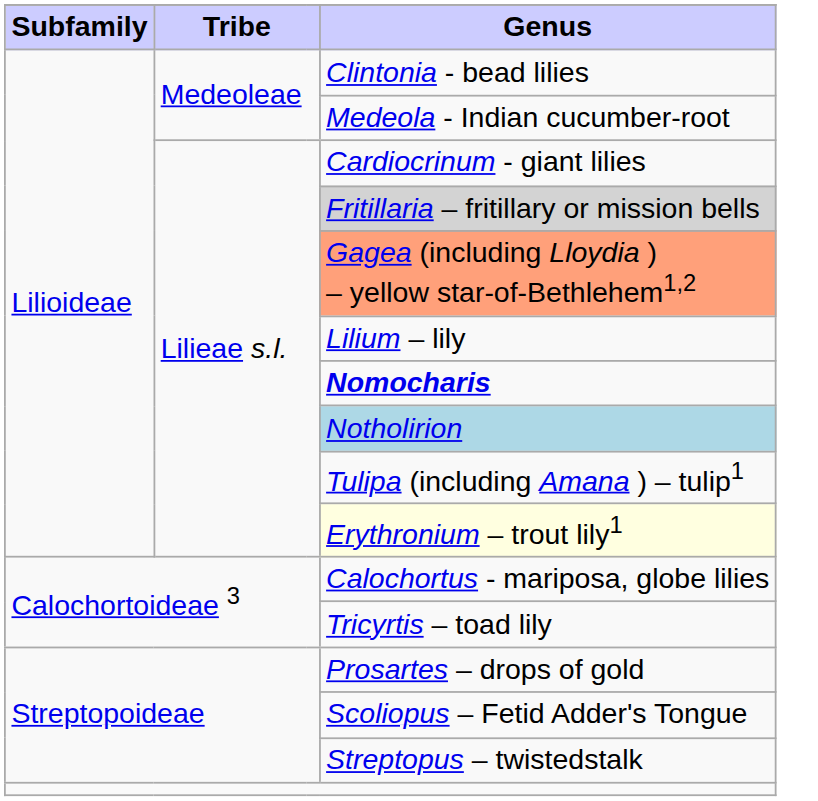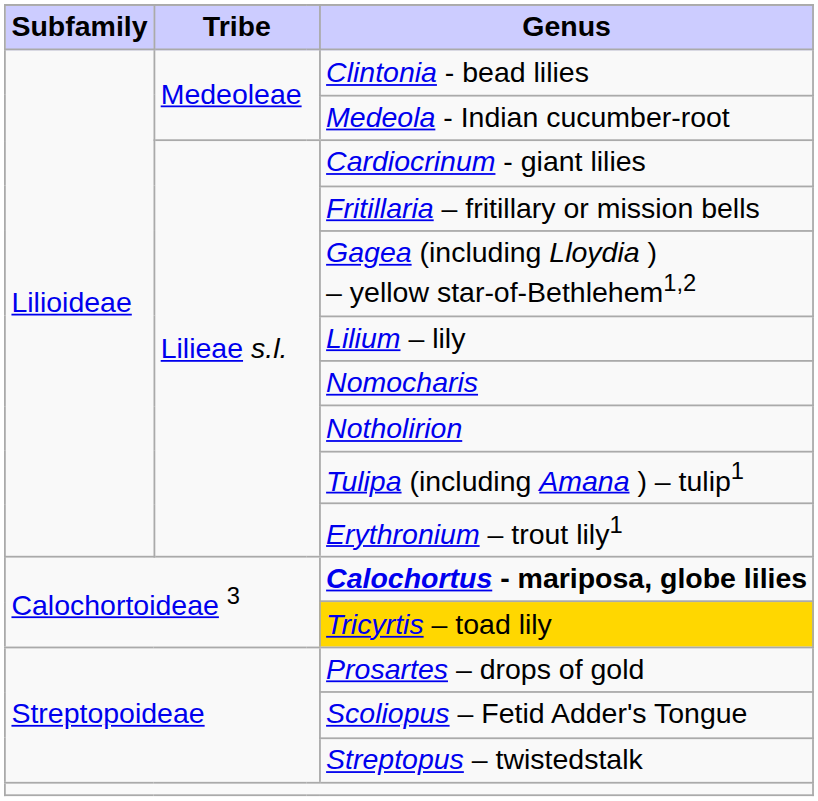 <table class="wikitable" border="1">
 <tr align="center">
 </tr>
 <tr>
 <th style="background: #ccf;">Subfamily</th>
 <th style="background: #ccf;" colspan=2>Tribe</th>
 <th ! style="background: #ccf;">Genus</th>
 </tr>
 <tr>
 <td rowspan=10><a href='#'>Lilioideae</a> </td>
 <td rowspan=2 style="border-style: solid none solid none;"><a href='#'>Medeoleae</a> </td>
 <td rowspan=2 style="border-style: solid none solid none;"></td>
 <td><em><a href='#'>Clintonia</a></em>  - bead lilies</td>
 </tr>
 <tr>
 <td><em><a href='#'>Medeola</a></em>  - Indian cucumber-root</td>
 </tr>
 <tr>
 <td rowspan=8 style="border-style: solid none solid none;"><a href='#'>Lilieae</a> <em>s.l.</em> </td>
 <td rowspan=8 style="border-style: solid none solid none;"><br><br></td>
 <td><em><a href='#'>Cardiocrinum</a></em>  - giant lilies</td>
 </tr>
 <tr>
-<td style="background: lightgrey;"><em><a href='#'>Fritillaria</a></em>  – fritillary or mission bells</td>
+<td><em><a href='#'>Fritillaria</a></em>  – fritillary or mission bells</td>
 </tr>
 <tr>
-<td style="background: lightsalmon;"><em><a href='#'>Gagea</a></em>  (including <em>Lloydia</em> )<br> – yellow star-of-Bethlehem<sup>1,2</sup></td>
+<td><em><a href='#'>Gagea</a></em>  (including <em>Lloydia</em> )<br> – yellow star-of-Bethlehem<sup>1,2</sup></td>
 </tr>
 <tr>
 <td><em><a href='#'>Lilium</a></em>  – lily</td>
 </tr>
 <tr>
-<td><strong><em><a href='#'>Nomocharis</a></em> </strong></td>
+<td><em><a href='#'>Nomocharis</a></em> </td>
 </tr>
 <tr>
-<td style="background: lightblue;"><em><a href='#'>Notholirion</a></em> </td>
+<td><em><a href='#'>Notholirion</a></em> </td>
 </tr>
 <tr>
 <td><em><a href='#'>Tulipa</a></em>  (including <em><a href='#'>Amana</a></em> ) – tulip<sup>1</sup></td>
 </tr>
 <tr>
-<td style="background: lightyellow;"><em><a href='#'>Erythronium</a></em>  – trout lily<sup>1</sup></td>
+<td><em><a href='#'>Erythronium</a></em>  – trout lily<sup>1</sup></td>
 </tr>
 <tr>
 <td rowspan=2 colspan=2 style="border-style: solid none solid none;"><a href='#'>Calochortoideae</a> <sup>3</sup></td>
 <td rowspan=2 style="border-style: solid none solid none;"><br></td>
-<td><em><a href='#'>Calochortus</a></em>  - mariposa, globe lilies</td>
+<td><strong><em><a href='#'>Calochortus</a></em>  - mariposa, globe lilies</strong></td>
 </tr>
 <tr>
-<td><em><a href='#'>Tricyrtis</a></em>  – toad lily</td>
+<td style="background: gold;"><em><a href='#'>Tricyrtis</a></em>  – toad lily</td>
 </tr>
 <tr>
 <td rowspan=3 colspan=2 style="border-style: solid none solid none;"><a href='#'>Streptopoideae</a></td>
 <td rowspan=3 style="border-style: solid none solid none;"></td>
 <td><em><a href='#'>Prosartes</a></em>  – drops of gold</td>
 </tr>
 <tr>
 <td><em><a href='#'>Scoliopus</a></em>  – Fetid Adder's Tongue</td>
 </tr>
 <tr>
 <td><em><a href='#'>Streptopus</a></em>  – twistedstalk</td>
 </tr>
 <tr>
 <td colspan=4></td>
 </tr>
 </table>
